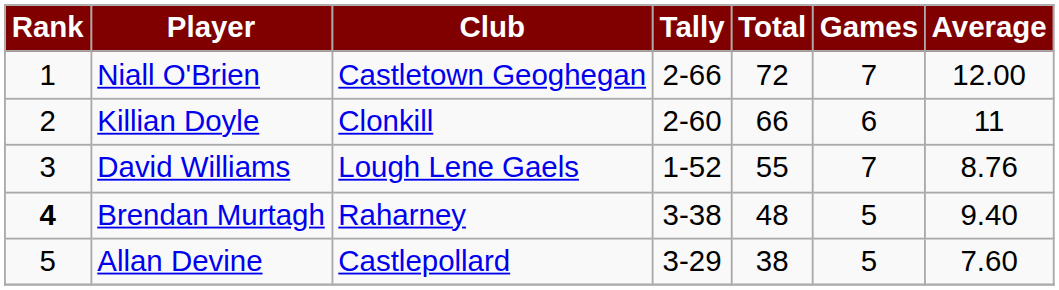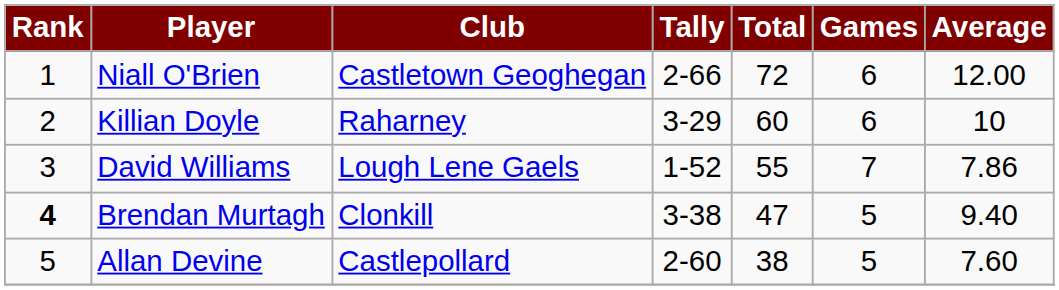 <table class="wikitable">
 <tr>
 <th style="background:maroon;color:white">Rank</th>
 <th style="background:maroon;color:white">Player</th>
 <th style="background:maroon;color:white">Club</th>
 <th style="background:maroon;color:white">Tally</th>
 <th style="background:maroon;color:white">Total</th>
 <th style="background:maroon;color:white">Games</th>
 <th style="background:maroon;color:white">Average</th>
 </tr>
 <tr>
 <td rowspan="1" style="text-align:center;">1</td>
 <td><a href='#'>Niall O'Brien</a></td>
 <td> <a href='#'>Castletown Geoghegan</a></td>
 <td align=center>2-66</td>
 <td align=center>72</td>
-<td align=center>7</td>
+<td align=center>6</td>
 <td align=center>12.00</td>
 </tr>
 <tr>
 <td rowspan="1" style="text-align:center;">2</td>
 <td><a href='#'>Killian Doyle</a></td>
-<td> <a href='#'>Clonkill</a></td>
-<td align=center>2-60</td>
-<td align=center>66</td>
+<td> <a href='#'>Raharney</a></td>
+<td align=center>3-29</td>
+<td align=center>60</td>
 <td align=center>6</td>
-<td align=center>11</td>
+<td align=center>10</td>
 </tr>
 <tr>
 <td rowspan="1" style="text-align:center;">3</td>
 <td><a href='#'>David Williams</a></td>
 <td> <a href='#'>Lough Lene Gaels</a></td>
 <td align=center>1-52</td>
 <td align=center>55</td>
 <td align=center>7</td>
-<td align=center>8.76</td>
+<td align=center>7.86</td>
 </tr>
 <tr>
 <td rowspan="1" style="text-align:center;"><strong>4</strong></td>
 <td><a href='#'>Brendan Murtagh</a></td>
-<td> <a href='#'>Raharney</a></td>
+<td> <a href='#'>Clonkill</a></td>
 <td align=center>3-38</td>
-<td align=center>48</td>
+<td align=center>47</td>
 <td align=center>5</td>
 <td align=center>9.40</td>
 </tr>
 <tr>
 <td rowspan="1" style="text-align:center;">5</td>
 <td><a href='#'>Allan Devine</a></td>
 <td> <a href='#'>Castlepollard</a></td>
-<td align=center>3-29</td>
+<td align=center>2-60</td>
 <td align=center>38</td>
 <td align=center>5</td>
 <td align=center>7.60</td>
 </tr>
 <tr>
 </tr>
 </table>
